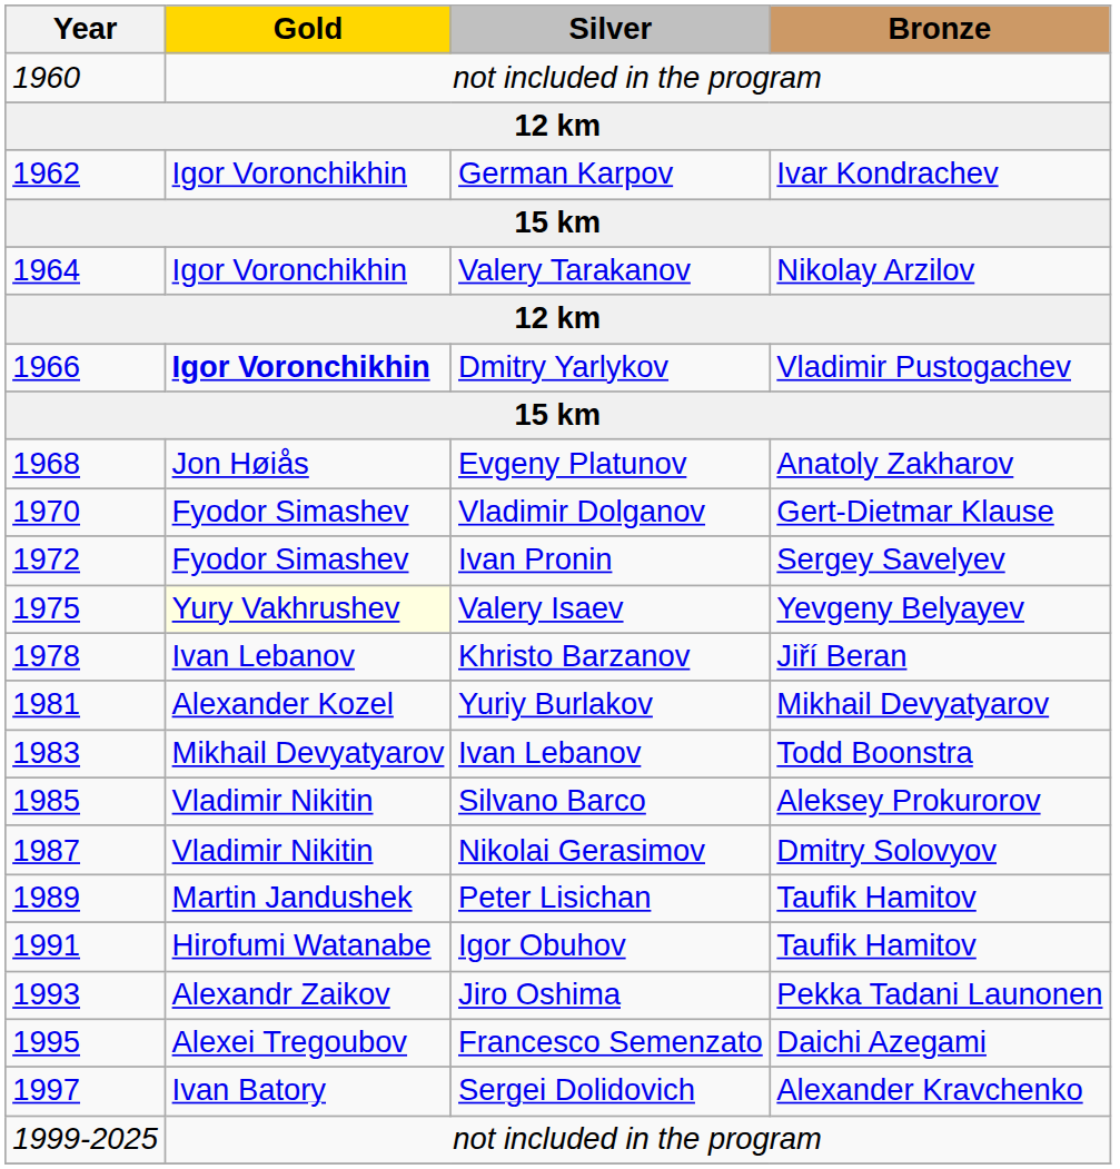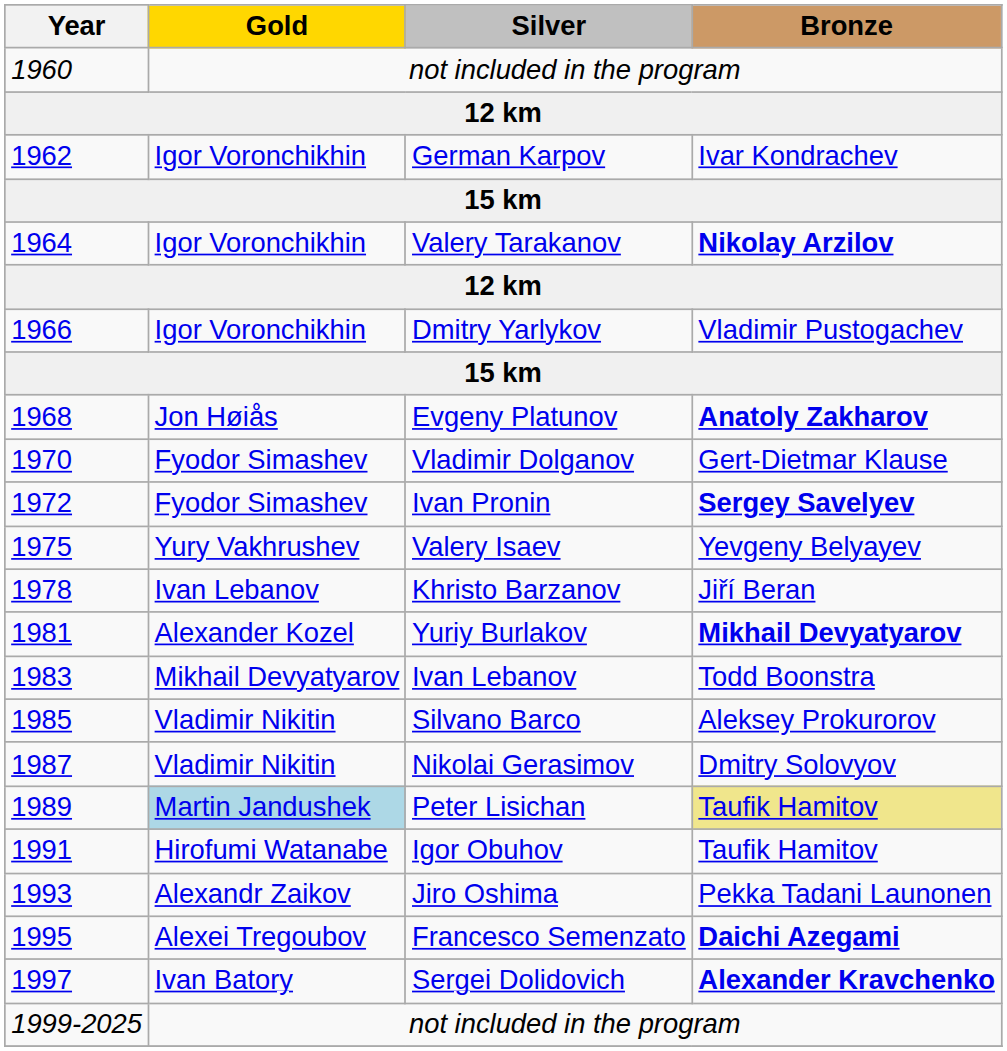 <table class="wikitable">
 <tr>
 <th>Year</th>
 <td align=center bgcolor=gold><strong>Gold</strong></td>
 <td align=center bgcolor=silver><strong>Silver</strong></td>
 <td align=center bgcolor=cc9966><strong>Bronze</strong></td>
 </tr>
 <tr>
 <td><em>1960</em></td>
 <td colspan=3 align=center><em>not included in the program</em></td>
 </tr>
 <tr>
 <td colspan=4 align=center bgcolor=F0F0F0><strong>12 km</strong></td>
 </tr>
 <tr>
 <td><a href='#'>1962</a></td>
 <td> <a href='#'>Igor Voronchikhin</a></td>
 <td> <a href='#'>German Karpov</a></td>
 <td> <a href='#'>Ivar Kondrachev</a></td>
 </tr>
 <tr>
 <td colspan=4 align=center bgcolor=F0F0F0><strong>15 km</strong></td>
 </tr>
 <tr>
 <td><a href='#'>1964</a></td>
 <td> <a href='#'>Igor Voronchikhin</a></td>
 <td> <a href='#'>Valery Tarakanov</a></td>
-<td> <a href='#'>Nikolay Arzilov</a></td>
+<td><strong> <a href='#'>Nikolay Arzilov</a></strong></td>
 </tr>
 <tr>
 <td colspan=4 align=center bgcolor=F0F0F0><strong>12 km</strong></td>
 </tr>
 <tr>
 <td><a href='#'>1966</a></td>
-<td><strong> <a href='#'>Igor Voronchikhin</a></strong></td>
+<td> <a href='#'>Igor Voronchikhin</a></td>
 <td> <a href='#'>Dmitry Yarlykov</a></td>
 <td> <a href='#'>Vladimir Pustogachev</a></td>
 </tr>
 <tr>
 <td colspan=4 align=center bgcolor=F0F0F0><strong>15 km</strong></td>
 </tr>
 <tr>
 <td><a href='#'>1968</a></td>
 <td> <a href='#'>Jon Høiås</a></td>
 <td> <a href='#'>Evgeny Platunov</a></td>
-<td> <a href='#'>Anatoly Zakharov</a></td>
+<td><strong> <a href='#'>Anatoly Zakharov</a></strong></td>
 </tr>
 <tr>
 <td><a href='#'>1970</a></td>
 <td> <a href='#'>Fyodor Simashev</a></td>
 <td> <a href='#'>Vladimir Dolganov</a></td>
 <td> <a href='#'>Gert-Dietmar Klause</a></td>
 </tr>
 <tr>
 <td><a href='#'>1972</a></td>
 <td> <a href='#'>Fyodor Simashev</a></td>
 <td> <a href='#'>Ivan Pronin</a></td>
-<td> <a href='#'>Sergey Savelyev</a></td>
+<td><strong> <a href='#'>Sergey Savelyev</a></strong></td>
 </tr>
 <tr>
 <td><a href='#'>1975</a></td>
-<td style="background: lightyellow;"> <a href='#'>Yury Vakhrushev</a></td>
+<td> <a href='#'>Yury Vakhrushev</a></td>
 <td> <a href='#'>Valery Isaev</a></td>
 <td> <a href='#'>Yevgeny Belyayev</a></td>
 </tr>
 <tr>
 <td><a href='#'>1978</a></td>
 <td> <a href='#'>Ivan Lebanov</a></td>
 <td> <a href='#'>Khristo Barzanov</a></td>
 <td> <a href='#'>Jiří Beran</a></td>
 </tr>
 <tr>
 <td><a href='#'>1981</a></td>
 <td> <a href='#'>Alexander Kozel</a></td>
 <td> <a href='#'>Yuriy Burlakov</a></td>
-<td> <a href='#'>Mikhail Devyatyarov</a></td>
+<td><strong> <a href='#'>Mikhail Devyatyarov</a></strong></td>
 </tr>
 <tr>
 <td><a href='#'>1983</a></td>
 <td> <a href='#'>Mikhail Devyatyarov</a></td>
 <td> <a href='#'>Ivan Lebanov</a></td>
 <td> <a href='#'>Todd Boonstra</a></td>
 </tr>
 <tr>
 <td><a href='#'>1985</a></td>
 <td> <a href='#'>Vladimir Nikitin</a></td>
 <td> <a href='#'>Silvano Barco</a></td>
 <td> <a href='#'>Aleksey Prokurorov</a></td>
 </tr>
 <tr>
 <td><a href='#'>1987</a></td>
 <td> <a href='#'>Vladimir Nikitin</a></td>
 <td> <a href='#'>Nikolai Gerasimov</a></td>
 <td> <a href='#'>Dmitry Solovyov</a></td>
 </tr>
 <tr>
 <td><a href='#'>1989</a></td>
-<td> <a href='#'>Martin Jandushek</a></td>
+<td style="background: lightblue;"> <a href='#'>Martin Jandushek</a></td>
 <td> <a href='#'>Peter Lisichan</a></td>
-<td> <a href='#'>Taufik Hamitov</a></td>
+<td style="background: khaki;"> <a href='#'>Taufik Hamitov</a></td>
 </tr>
 <tr>
 <td><a href='#'>1991</a></td>
 <td> <a href='#'>Hirofumi Watanabe</a></td>
 <td> <a href='#'>Igor Obuhov</a></td>
 <td> <a href='#'>Taufik Hamitov</a></td>
 </tr>
 <tr>
 <td><a href='#'>1993</a></td>
 <td> <a href='#'>Alexandr Zaikov</a></td>
 <td> <a href='#'>Jiro Oshima</a></td>
 <td> <a href='#'>Pekka Tadani Launonen</a></td>
 </tr>
 <tr>
 <td><a href='#'>1995</a></td>
 <td> <a href='#'>Alexei Tregoubov</a></td>
 <td> <a href='#'>Francesco Semenzato</a></td>
-<td> <a href='#'>Daichi Azegami</a></td>
+<td><strong> <a href='#'>Daichi Azegami</a></strong></td>
 </tr>
 <tr>
 <td><a href='#'>1997</a></td>
 <td> <a href='#'>Ivan Batory</a></td>
 <td> <a href='#'>Sergei Dolidovich</a></td>
-<td> <a href='#'>Alexander Kravchenko</a></td>
+<td><strong> <a href='#'>Alexander Kravchenko</a></strong></td>
 </tr>
 <tr>
 <td><em>1999-2025</em></td>
 <td colspan=3 align=center><em>not included in the program</em></td>
 </tr>
 <tr>
 </tr>
 </table>
